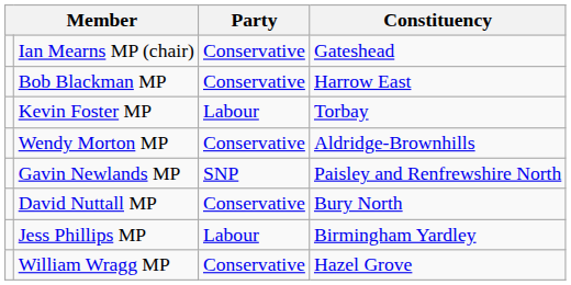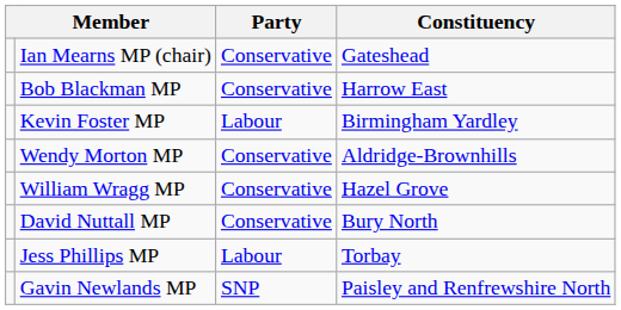 <table class="wikitable">
 <tr>
 <th colspan="2" valign="top">Member</th>
 <th valign="top">Party</th>
 <th valign="top">Constituency</th>
 </tr>
 <tr>
 <td style="color:inherit;background:"></td>
 <td><a href='#'>Ian Mearns</a> MP (chair)</td>
 <td><a href='#'>Conservative</a></td>
 <td><a href='#'>Gateshead</a></td>
 </tr>
 <tr>
 <td style="color:inherit;background:"></td>
 <td><a href='#'>Bob Blackman</a> MP</td>
 <td><a href='#'>Conservative</a></td>
 <td><a href='#'>Harrow East</a></td>
 </tr>
 <tr>
 <td style="color:inherit;background:"></td>
 <td><a href='#'>Kevin Foster</a> MP</td>
 <td><a href='#'>Labour</a></td>
-<td><a href='#'>Torbay</a></td>
+<td><a href='#'>Birmingham Yardley</a></td>
 </tr>
 <tr>
 <td style="color:inherit;background:"></td>
 <td><a href='#'>Wendy Morton</a> MP</td>
 <td><a href='#'>Conservative</a></td>
 <td><a href='#'>Aldridge-Brownhills</a></td>
 </tr>
 <tr>
 <td style="color:inherit;background:"></td>
-<td><a href='#'>Gavin Newlands</a> MP</td>
-<td><a href='#'>SNP</a></td>
-<td><a href='#'>Paisley and Renfrewshire North</a></td>
+<td><a href='#'>William Wragg</a> MP</td>
+<td><a href='#'>Conservative</a></td>
+<td><a href='#'>Hazel Grove</a></td>
 </tr>
 <tr>
 <td style="color:inherit;background:"></td>
 <td><a href='#'>David Nuttall</a> MP</td>
 <td><a href='#'>Conservative</a></td>
 <td><a href='#'>Bury North</a></td>
 </tr>
 <tr>
 <td style="color:inherit;background:"></td>
 <td><a href='#'>Jess Phillips</a> MP</td>
 <td><a href='#'>Labour</a></td>
-<td><a href='#'>Birmingham Yardley</a></td>
+<td><a href='#'>Torbay</a></td>
 </tr>
 <tr>
 <td style="color:inherit;background:"></td>
-<td><a href='#'>William Wragg</a> MP</td>
-<td><a href='#'>Conservative</a></td>
-<td><a href='#'>Hazel Grove</a></td>
+<td><a href='#'>Gavin Newlands</a> MP</td>
+<td><a href='#'>SNP</a></td>
+<td><a href='#'>Paisley and Renfrewshire North</a></td>
 </tr>
 </table>
